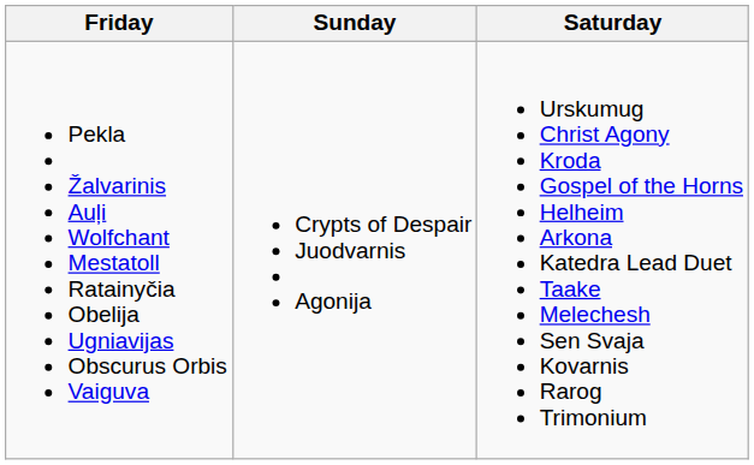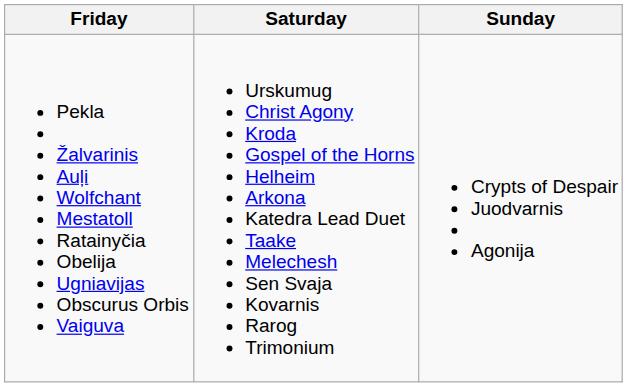 <table class="wikitable">
 <tr>
 <th>Friday</th>
+<th>Saturday</th>
 <th>Sunday</th>
-<th>Saturday</th>
 </tr>
 <tr>
 <td><br><ul><li> Pekla</li><li> </li><li> <a href='#'>Žalvarinis</a></li><li> <a href='#'>Auļi</a></li><li> <a href='#'>Wolfchant</a></li><li> <a href='#'>Mestatoll</a></li><li> Ratainyčia</li><li> Obelija</li><li> <a href='#'>Ugniavijas</a></li><li> Obscurus Orbis</li><li> <a href='#'>Vaiguva</a></li></ul></td>
+<td><br><ul><li> Urskumug</li><li> <a href='#'>Christ Agony</a></li><li> <a href='#'>Kroda</a></li><li> <a href='#'>Gospel of the Horns</a></li><li> <a href='#'>Helheim</a></li><li> <a href='#'>Arkona</a></li><li> Katedra Lead Duet</li><li> <a href='#'>Taake</a></li><li> <a href='#'>Melechesh</a></li><li> Sen Svaja</li><li> Kovarnis</li><li> Rarog</li><li> Trimonium</li></ul></td>
 <td><br><ul><li> Crypts of Despair</li><li> Juodvarnis</li><li> </li><li> Agonija</li></ul></td>
-<td><br><ul><li> Urskumug</li><li> <a href='#'>Christ Agony</a></li><li> <a href='#'>Kroda</a></li><li> <a href='#'>Gospel of the Horns</a></li><li> <a href='#'>Helheim</a></li><li> <a href='#'>Arkona</a></li><li> Katedra Lead Duet</li><li> <a href='#'>Taake</a></li><li> <a href='#'>Melechesh</a></li><li> Sen Svaja</li><li> Kovarnis</li><li> Rarog</li><li> Trimonium</li></ul></td>
 </tr>
 </table>
